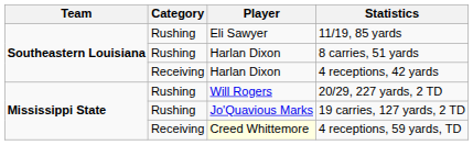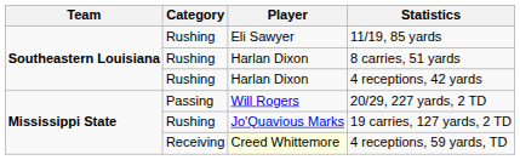 <table class="wikitable" style="float: right;">
 <tr>
 <th>Team</th>
 <th>Category</th>
 <th>Player</th>
 <th>Statistics</th>
 </tr>
 <tr>
 <td rowspan=3><strong>Southeastern Louisiana</strong></td>
 <td>Rushing</td>
 <td>Eli Sawyer</td>
 <td>11/19, 85 yards</td>
 </tr>
 <tr>
 <td>Rushing</td>
 <td>Harlan Dixon</td>
 <td>8 carries, 51 yards</td>
 </tr>
 <tr>
-<td>Receiving</td>
+<td>Rushing</td>
 <td>Harlan Dixon</td>
 <td>4 receptions, 42 yards</td>
 </tr>
 <tr>
 <td rowspan=3><strong>Mississippi State</strong></td>
-<td>Rushing</td>
+<td>Passing</td>
 <td><a href='#'>Will Rogers</a></td>
 <td>20/29, 227 yards, 2 TD</td>
 </tr>
 <tr>
 <td>Rushing</td>
 <td><a href='#'>Jo'Quavious Marks</a></td>
 <td>19 carries, 127 yards, 2 TD</td>
 </tr>
 <tr>
 <td>Receiving</td>
 <td style="background: lightyellow;">Creed Whittemore</td>
 <td>4 receptions, 59 yards, TD</td>
 </tr>
 </table>
